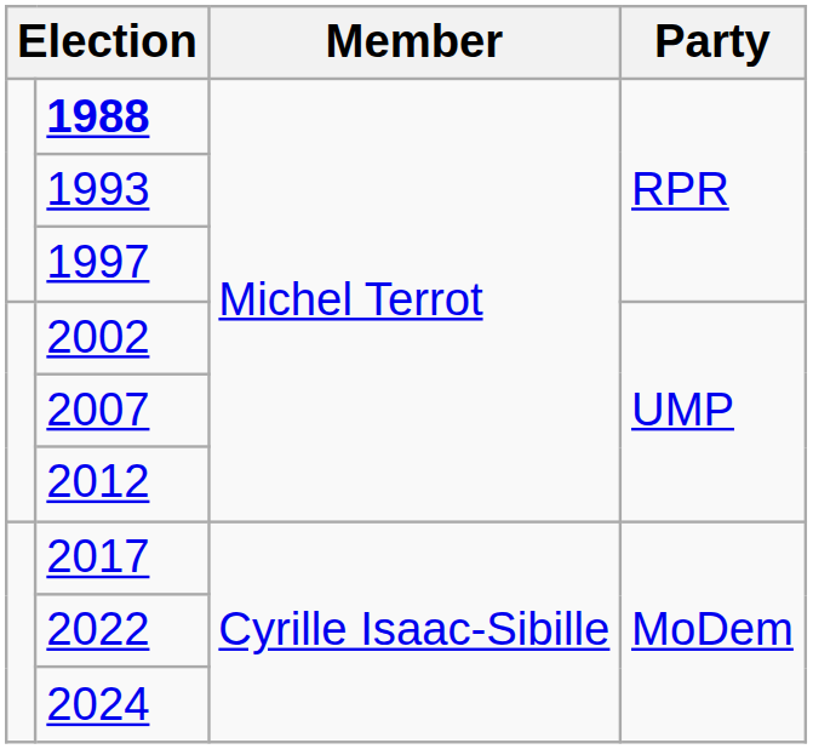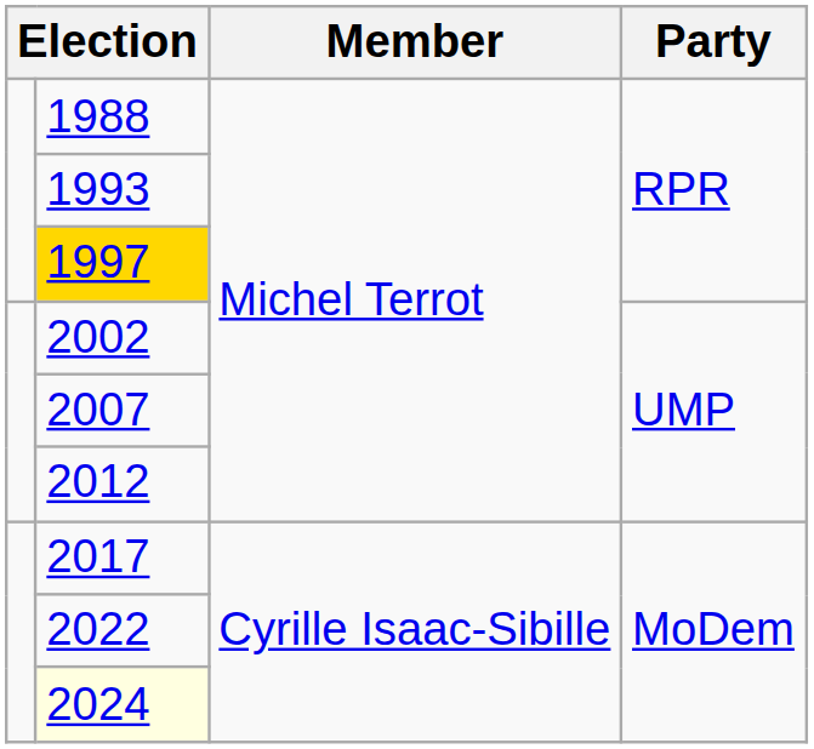 <table class="wikitable">
 <tr>
 <th colspan=2>Election</th>
 <th>Member</th>
 <th>Party</th>
 </tr>
 <tr>
 <td rowspan="3" style="background-color: "></td>
-<td><strong><a href='#'>1988</a></strong></td>
+<td><a href='#'>1988</a></td>
 <td rowspan="6"><a href='#'>Michel Terrot</a></td>
 <td rowspan="3"><a href='#'>RPR</a></td>
 </tr>
 <tr>
 <td><a href='#'>1993</a></td>
 </tr>
 <tr>
-<td><a href='#'>1997</a></td>
+<td style="background: gold;"><a href='#'>1997</a></td>
 </tr>
 <tr>
 <td rowspan="3" style="background-color: "></td>
 <td><a href='#'>2002</a></td>
 <td rowspan="3"><a href='#'>UMP</a></td>
 </tr>
 <tr>
 <td><a href='#'>2007</a></td>
 </tr>
 <tr>
 <td><a href='#'>2012</a></td>
 </tr>
 <tr>
 <td rowspan="3" style="background-color: "></td>
 <td><a href='#'>2017</a></td>
 <td rowspan="3"><a href='#'>Cyrille Isaac-Sibille</a></td>
 <td rowspan="3"><a href='#'>MoDem</a></td>
 </tr>
 <tr>
 <td><a href='#'>2022</a></td>
 </tr>
 <tr>
-<td><a href='#'>2024</a></td>
+<td style="background: lightyellow;"><a href='#'>2024</a></td>
 </tr>
 </table>
